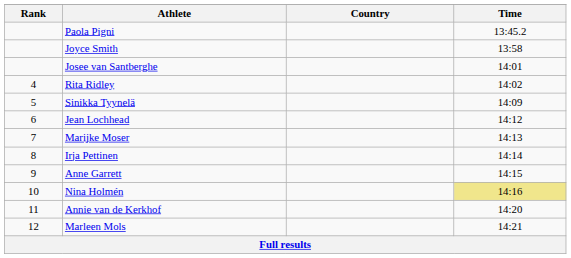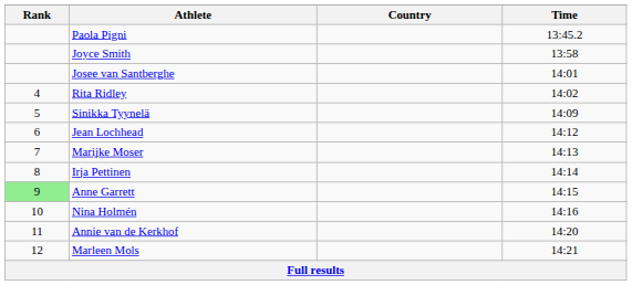 <table class="wikitable sortable" style=" text-align:center; font-size:95%;" width="50%">
 <tr>
 </tr>
 <tr>
 <th width=5%>Rank</th>
 <th width=20%>Athlete</th>
 <th width=15%>Country</th>
 <th width=10%>Time</th>
 </tr>
 <tr>
 <td align=center></td>
 <td align=left><a href='#'>Paola Pigni</a></td>
 <td align=left></td>
 <td>13:45.2</td>
 </tr>
 <tr>
 <td align=center></td>
 <td align=left><a href='#'>Joyce Smith</a></td>
 <td align=left></td>
 <td>13:58</td>
 </tr>
 <tr>
 <td align=center></td>
 <td align=left><a href='#'>Josee van Santberghe</a></td>
 <td align=left></td>
 <td>14:01</td>
 </tr>
 <tr>
 <td align=center>4</td>
 <td align=left><a href='#'>Rita Ridley</a></td>
 <td align=left></td>
 <td>14:02</td>
 </tr>
 <tr>
 <td align=center>5</td>
 <td align=left><a href='#'>Sinikka Tyynelä</a></td>
 <td align=left></td>
 <td>14:09</td>
 </tr>
 <tr>
 <td align=center>6</td>
 <td align=left><a href='#'>Jean Lochhead</a></td>
 <td align=left></td>
 <td>14:12</td>
 </tr>
 <tr>
 <td align=center>7</td>
 <td align=left><a href='#'>Marijke Moser</a></td>
 <td align=left></td>
 <td>14:13</td>
 </tr>
 <tr>
 <td align=center>8</td>
 <td align=left><a href='#'>Irja Pettinen</a></td>
 <td align=left></td>
 <td>14:14</td>
 </tr>
 <tr>
-<td align=center>9</td>
+<td align=center style="background: lightgreen;">9</td>
 <td align=left><a href='#'>Anne Garrett</a></td>
 <td align=left></td>
 <td>14:15</td>
 </tr>
 <tr>
 <td align=center>10</td>
 <td align=left><a href='#'>Nina Holmén</a></td>
 <td align=left></td>
-<td style="background: khaki;">14:16</td>
+<td>14:16</td>
 </tr>
 <tr>
 <td align=center>11</td>
 <td align=left><a href='#'>Annie van de Kerkhof</a></td>
 <td align=left></td>
 <td>14:20</td>
 </tr>
 <tr>
 <td align=center>12</td>
 <td align=left><a href='#'>Marleen Mols</a></td>
 <td align=left></td>
 <td>14:21</td>
 </tr>
 <tr class="sortbottom">
 <th colspan=4 align=center><a href='#'>Full results</a></th>
 </tr>
 </table>
